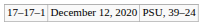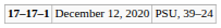 <table class="wikitable">
 <tr align="center">
 </tr>
 <tr align="center">
-<td>17–17–1</td>
+<td><strong>17–17–1</strong></td>
 <td>December 12, 2020</td>
 <td>PSU, 39–24</td>
 </tr>
 </table>
